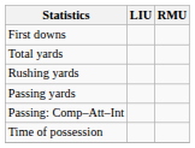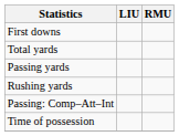 <table class="wikitable" style="float: left;">
 <tr>
 <th>Statistics</th>
 <th>LIU</th>
 <th>RMU</th>
 </tr>
 <tr>
 <td>First downs</td>
 <td></td>
 <td></td>
 </tr>
 <tr>
 <td>Total yards</td>
 <td></td>
 <td></td>
 </tr>
 <tr>
-<td>Rushing yards</td>
+<td>Passing yards</td>
 <td></td>
 <td></td>
 </tr>
 <tr>
-<td>Passing yards</td>
+<td>Rushing yards</td>
 <td></td>
 <td></td>
 </tr>
 <tr>
 <td>Passing: Comp–Att–Int</td>
 <td></td>
 <td></td>
 </tr>
 <tr>
 <td>Time of possession</td>
 <td></td>
 <td></td>
 </tr>
 <tr>
 </tr>
 </table>
